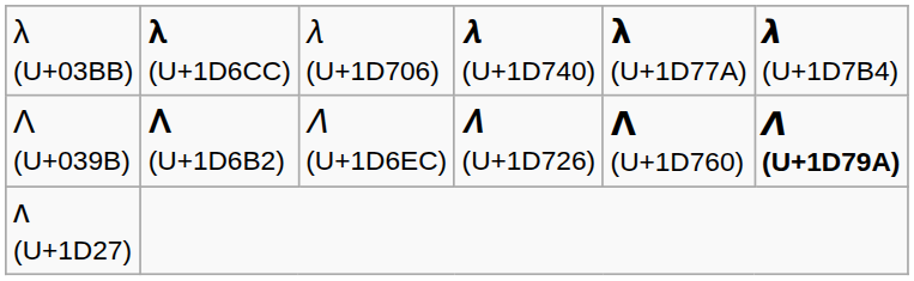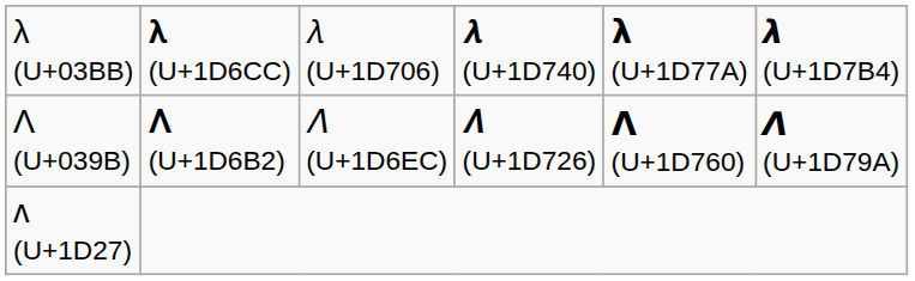 <table class="wikitable">
 <tr>
 <td>λ<br><small>(U+03BB)</small></td>
 <td>𝛌<br><small>(U+1D6CC)</small></td>
 <td>𝜆<br><small>(U+1D706)</small></td>
 <td>𝝀<br><small>(U+1D740)</small></td>
 <td>𝝺<br><small>(U+1D77A)</small></td>
 <td>𝞴<br><small>(U+1D7B4)</small></td>
 </tr>
 <tr>
 <td>Λ<br><small>(U+039B)</small></td>
 <td>𝚲<br><small>(U+1D6B2)</small></td>
 <td>𝛬<br><small>(U+1D6EC)</small></td>
 <td>𝜦<br><small>(U+1D726)</small></td>
 <td>𝝠<br><small>(U+1D760)</small></td>
-<td><strong>𝞚<br><small>(U+1D79A)</small></strong></td>
+<td>𝞚<br><small>(U+1D79A)</small></td>
 </tr>
 <tr>
 <td>ᴧ<br><small>(U+1D27)</small></td>
 </tr>
 </table>
